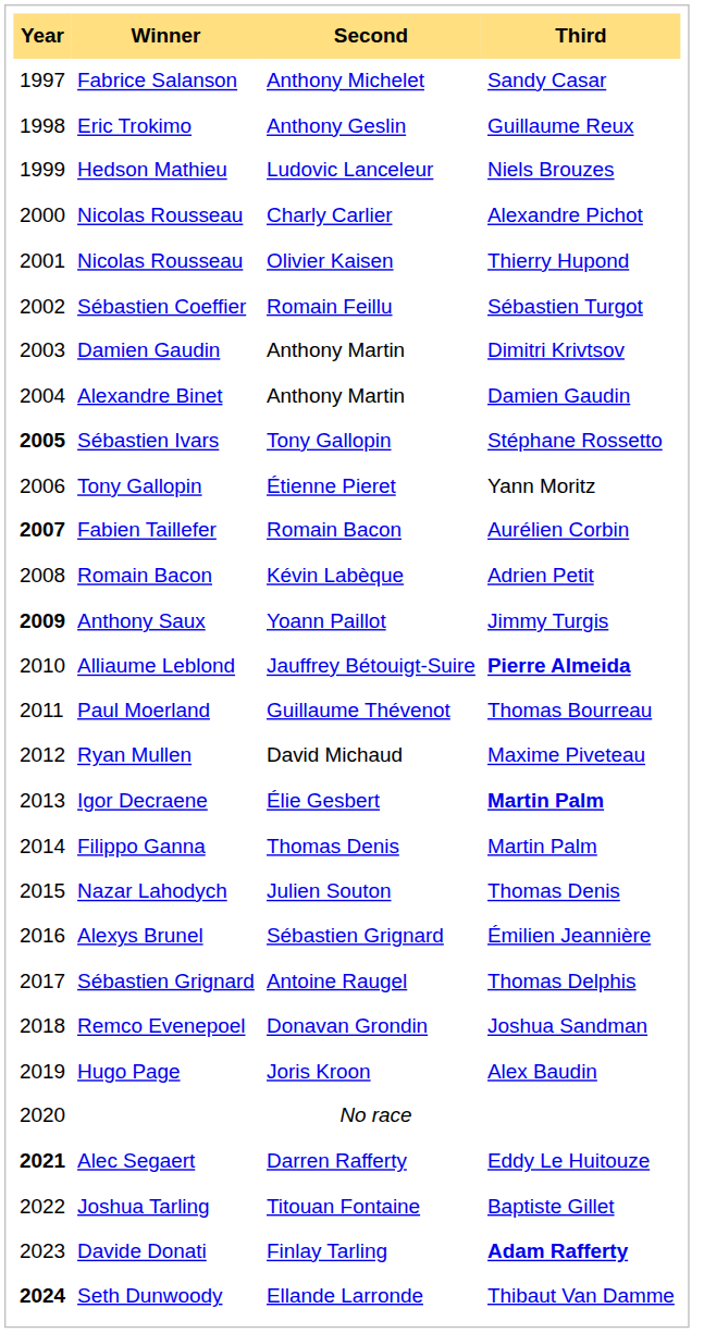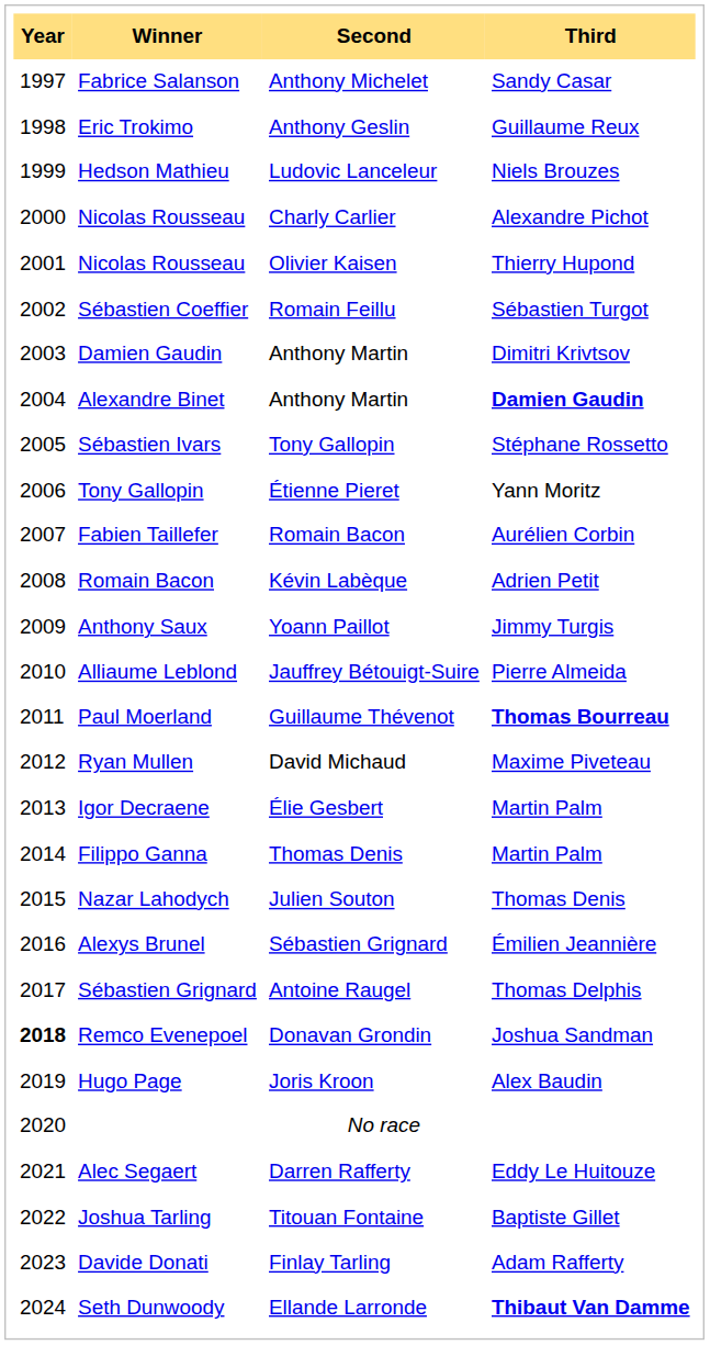 <table cellpadding="4" cellspacing="0"  style="border: 1px solid silver; color: black; margin: 0 0 0.5em 0; background-color: white; padding: 5px; text-align: left; font-size:85%; vertical-align: top; line-height:1.6em;">
 <tr>
 <th scope=col; align="center" bgcolor="FFDF80">Year</th>
 <th scope=col; align="center" bgcolor="FFDF80">Winner</th>
 <th scope=col; align="center" bgcolor="FFDF80">Second</th>
 <th scope=col; align="center" bgcolor="FFDF80">Third</th>
 </tr>
 <tr>
 <td>1997</td>
 <td> <a href='#'>Fabrice Salanson</a></td>
 <td> <a href='#'>Anthony Michelet</a></td>
 <td> <a href='#'>Sandy Casar</a></td>
 </tr>
 <tr>
 <td>1998</td>
 <td> <a href='#'>Eric Trokimo</a></td>
 <td> <a href='#'>Anthony Geslin</a></td>
 <td> <a href='#'>Guillaume Reux</a></td>
 </tr>
 <tr>
 <td>1999</td>
 <td> <a href='#'>Hedson Mathieu</a></td>
 <td> <a href='#'>Ludovic Lanceleur</a></td>
 <td> <a href='#'>Niels Brouzes</a></td>
 </tr>
 <tr>
 <td>2000</td>
 <td> <a href='#'>Nicolas Rousseau</a></td>
 <td> <a href='#'>Charly Carlier</a></td>
 <td> <a href='#'>Alexandre Pichot</a></td>
 </tr>
 <tr>
 <td>2001</td>
 <td> <a href='#'>Nicolas Rousseau</a></td>
 <td> <a href='#'>Olivier Kaisen</a></td>
 <td> <a href='#'>Thierry Hupond</a></td>
 </tr>
 <tr>
 <td>2002</td>
 <td> <a href='#'>Sébastien Coeffier</a></td>
 <td> <a href='#'>Romain Feillu</a></td>
 <td> <a href='#'>Sébastien Turgot</a></td>
 </tr>
 <tr>
 <td>2003</td>
 <td> <a href='#'>Damien Gaudin</a></td>
 <td> Anthony Martin</td>
 <td> <a href='#'>Dimitri Krivtsov</a></td>
 </tr>
 <tr>
 <td>2004</td>
 <td> <a href='#'>Alexandre Binet</a></td>
 <td> Anthony Martin</td>
-<td> <a href='#'>Damien Gaudin</a></td>
+<td><strong> <a href='#'>Damien Gaudin</a></strong></td>
 </tr>
 <tr>
-<td><strong>2005</strong></td>
+<td>2005</td>
 <td> <a href='#'>Sébastien Ivars</a></td>
 <td> <a href='#'>Tony Gallopin</a></td>
 <td> <a href='#'>Stéphane Rossetto</a></td>
 </tr>
 <tr>
 <td>2006</td>
 <td> <a href='#'>Tony Gallopin</a></td>
 <td> <a href='#'>Étienne Pieret</a></td>
 <td> Yann Moritz</td>
 </tr>
 <tr>
-<td><strong>2007</strong></td>
+<td>2007</td>
 <td> <a href='#'>Fabien Taillefer</a></td>
 <td> <a href='#'>Romain Bacon</a></td>
 <td> <a href='#'>Aurélien Corbin</a></td>
 </tr>
 <tr>
 <td>2008</td>
 <td> <a href='#'>Romain Bacon</a></td>
 <td> <a href='#'>Kévin Labèque</a></td>
 <td> <a href='#'>Adrien Petit</a></td>
 </tr>
 <tr>
-<td><strong>2009</strong></td>
+<td>2009</td>
 <td> <a href='#'>Anthony Saux</a></td>
 <td> <a href='#'>Yoann Paillot</a></td>
 <td> <a href='#'>Jimmy Turgis</a></td>
 </tr>
 <tr>
 <td>2010</td>
 <td> <a href='#'>Alliaume Leblond</a></td>
 <td> <a href='#'>Jauffrey Bétouigt-Suire</a></td>
-<td><strong> <a href='#'>Pierre Almeida</a></strong></td>
+<td> <a href='#'>Pierre Almeida</a></td>
 </tr>
 <tr>
 <td>2011</td>
 <td> <a href='#'>Paul Moerland</a></td>
 <td> <a href='#'>Guillaume Thévenot</a></td>
-<td> <a href='#'>Thomas Bourreau</a></td>
+<td><strong> <a href='#'>Thomas Bourreau</a></strong></td>
 </tr>
 <tr>
 <td>2012</td>
 <td> <a href='#'>Ryan Mullen</a></td>
 <td> David Michaud</td>
 <td> <a href='#'>Maxime Piveteau</a></td>
 </tr>
 <tr>
 <td>2013</td>
 <td> <a href='#'>Igor Decraene</a></td>
 <td> <a href='#'>Élie Gesbert</a></td>
-<td><strong> <a href='#'>Martin Palm</a></strong></td>
+<td> <a href='#'>Martin Palm</a></td>
 </tr>
 <tr>
 <td>2014</td>
 <td> <a href='#'>Filippo Ganna</a></td>
 <td> <a href='#'>Thomas Denis</a></td>
 <td> <a href='#'>Martin Palm</a></td>
 </tr>
 <tr>
 <td>2015</td>
 <td> <a href='#'>Nazar Lahodych</a></td>
 <td> <a href='#'>Julien Souton</a></td>
 <td> <a href='#'>Thomas Denis</a></td>
 </tr>
 <tr>
 <td>2016</td>
 <td> <a href='#'>Alexys Brunel</a></td>
 <td> <a href='#'>Sébastien Grignard</a></td>
 <td> <a href='#'>Émilien Jeannière</a></td>
 </tr>
 <tr>
 <td>2017</td>
 <td> <a href='#'>Sébastien Grignard</a></td>
 <td> <a href='#'>Antoine Raugel</a></td>
 <td> <a href='#'>Thomas Delphis</a></td>
 </tr>
 <tr>
-<td>2018</td>
+<td><strong>2018</strong></td>
 <td> <a href='#'>Remco Evenepoel</a></td>
 <td> <a href='#'>Donavan Grondin</a></td>
 <td> <a href='#'>Joshua Sandman</a></td>
 </tr>
 <tr>
 <td>2019</td>
 <td> <a href='#'>Hugo Page</a></td>
 <td> <a href='#'>Joris Kroon</a></td>
 <td> <a href='#'>Alex Baudin</a></td>
 </tr>
 <tr>
 <td>2020</td>
 <td colspan=3 align=center><em>No race</em></td>
 </tr>
 <tr>
-<td><strong>2021</strong></td>
+<td>2021</td>
 <td> <a href='#'>Alec Segaert</a></td>
 <td> <a href='#'>Darren Rafferty</a></td>
 <td> <a href='#'>Eddy Le Huitouze</a></td>
 </tr>
 <tr>
 <td>2022</td>
 <td> <a href='#'>Joshua Tarling</a></td>
 <td> <a href='#'>Titouan Fontaine</a></td>
 <td> <a href='#'>Baptiste Gillet</a></td>
 </tr>
 <tr>
 <td>2023</td>
 <td> <a href='#'>Davide Donati</a></td>
 <td> <a href='#'>Finlay Tarling</a></td>
-<td><strong> <a href='#'>Adam Rafferty</a></strong></td>
+<td> <a href='#'>Adam Rafferty</a></td>
 </tr>
 <tr>
-<td><strong>2024</strong></td>
+<td>2024</td>
 <td> <a href='#'>Seth Dunwoody</a></td>
 <td> <a href='#'>Ellande Larronde</a></td>
-<td> <a href='#'>Thibaut Van Damme</a></td>
+<td><strong> <a href='#'>Thibaut Van Damme</a></strong></td>
 </tr>
 </table>
